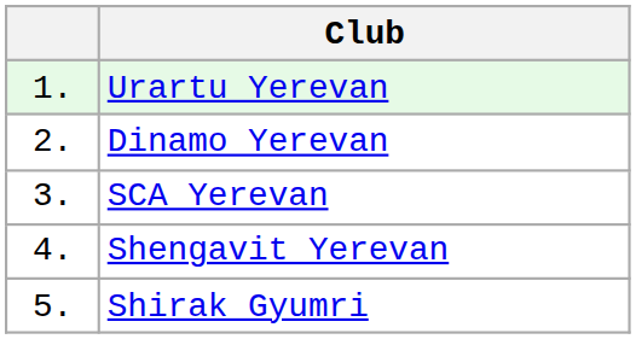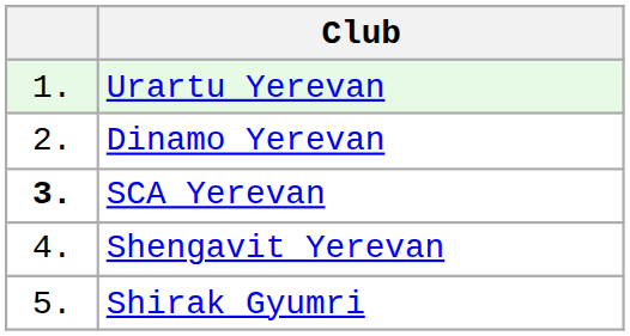 <table class="wikitable">
 <tr>
 <th width="30"></th>
 <th width="200">Club</th>
 </tr>
 <tr bgcolor="#e6fae6" align="center">
 <td>1.</td>
 <td align="left"><a href='#'>Urartu Yerevan</a></td>
 </tr>
 <tr bgcolor="#FFFFFF" align="center">
 <td>2.</td>
 <td align="left"><a href='#'>Dinamo Yerevan</a></td>
 </tr>
 <tr bgcolor="#FFFFFF" align="center">
-<td>3.</td>
+<td><strong>3.</strong></td>
 <td align="left"><a href='#'>SCA Yerevan</a></td>
 </tr>
 <tr bgcolor="#FFFFFF" align="center">
 <td>4.</td>
 <td align="left"><a href='#'>Shengavit Yerevan</a></td>
 </tr>
 <tr bgcolor="#FFFFFF" align="center">
 <td>5.</td>
 <td align="left"><a href='#'>Shirak Gyumri</a></td>
 </tr>
 </table>
